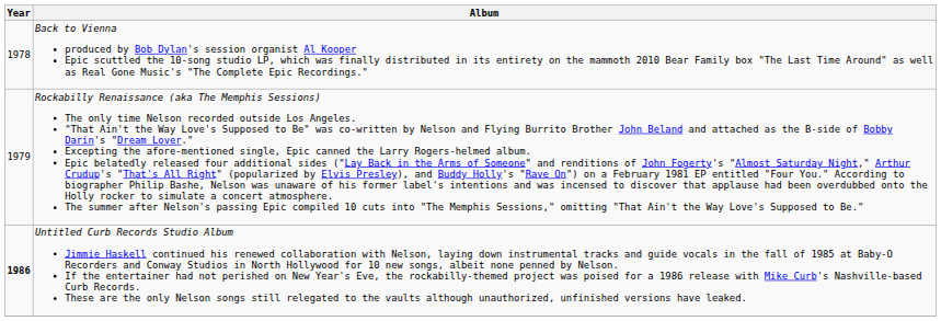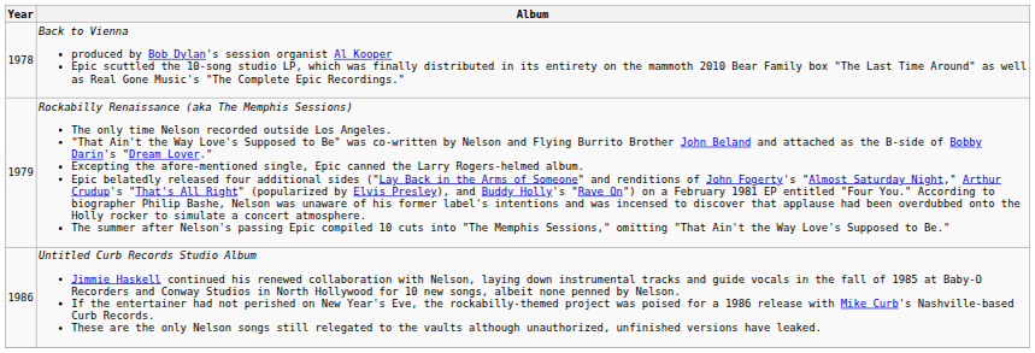 <table class="wikitable">
 <tr>
 <th>Year</th>
 <th>Album</th>
 </tr>
 <tr>
 <td>1978</td>
 <td><em>Back to Vienna</em><br><ul><li>produced by <a href='#'>Bob Dylan</a>'s session organist <a href='#'>Al Kooper</a></li><li>Epic scuttled the 10-song studio LP, which was finally distributed in its entirety on the mammoth 2010 Bear Family box "The Last Time Around" as well as Real Gone Music's "The Complete Epic Recordings."</li></ul></td>
 </tr>
 <tr>
 <td>1979</td>
 <td><em>Rockabilly Renaissance (aka The Memphis Sessions)</em><br><ul><li>The only time Nelson recorded outside Los Angeles.</li><li>"That Ain't the Way Love's Supposed to Be" was co-written by Nelson and Flying Burrito Brother <a href='#'>John Beland</a> and attached as the B-side of <a href='#'>Bobby Darin</a>'s "<a href='#'>Dream Lover</a>."</li><li>Excepting the afore-mentioned single, Epic canned the Larry Rogers-helmed album.</li><li>Epic belatedly released four additional sides ("<a href='#'>Lay Back in the Arms of Someone</a>" and renditions of <a href='#'>John Fogerty</a>'s "<a href='#'>Almost Saturday Night</a>," <a href='#'>Arthur Crudup</a>'s "<a href='#'>That's All Right</a>" (popularized by <a href='#'>Elvis Presley</a>), and <a href='#'>Buddy Holly</a>'s "<a href='#'>Rave On</a>") on a February 1981 EP entitled "Four You." According to biographer Philip Bashe, Nelson was unaware of his former label's intentions and was incensed to discover that applause had been overdubbed onto the Holly rocker to simulate a concert atmosphere.</li><li>The summer after Nelson's passing Epic compiled 10 cuts into "The Memphis Sessions," omitting "That Ain't the Way Love's Supposed to Be."</li></ul></td>
 </tr>
 <tr>
-<td><strong>1986</strong></td>
+<td>1986</td>
 <td><em>Untitled Curb Records Studio Album</em><br><ul><li><a href='#'>Jimmie Haskell</a> continued his renewed collaboration with Nelson, laying down instrumental tracks and guide vocals in the fall of 1985 at Baby-O Recorders and Conway Studios in North Hollywood for 10 new songs, albeit none penned by Nelson.</li><li>If the entertainer had not perished on New Year's Eve, the rockabilly-themed project was poised for a 1986 release with <a href='#'>Mike Curb</a>'s Nashville-based Curb Records.</li><li>These are the only Nelson songs still relegated to the vaults although unauthorized, unfinished versions have leaked.</li></ul></td>
 </tr>
 <tr>
 </tr>
 </table>
